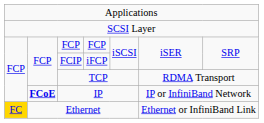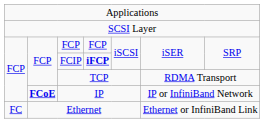 <table class="wikitable" style="text-align:center">
 <tr>
 <td colspan="7">Applications</td>
 </tr>
 <tr>
 <td colspan="7"><a href='#'>SCSI</a> Layer</td>
 </tr>
 <tr>
 <td rowspan="4"><a href='#'>FCP</a></td>
 <td rowspan="3"><a href='#'>FCP</a></td>
 <td><a href='#'>FCP</a></td>
 <td><a href='#'>FCP</a></td>
 <td rowspan="2"><a href='#'>iSCSI</a></td>
 <td rowspan="2"><a href='#'>iSER</a></td>
 <td rowspan="2"><a href='#'>SRP</a></td>
 </tr>
 <tr>
 <td><a href='#'>FCIP</a></td>
-<td><a href='#'>iFCP</a></td>
+<td><strong><a href='#'>iFCP</a></strong></td>
 </tr>
 <tr>
 <td colspan="3"><a href='#'>TCP</a></td>
 <td colspan="2"><a href='#'>RDMA</a> Transport</td>
 </tr>
 <tr>
 <td><strong><a href='#'>FCoE</a></strong></td>
 <td colspan="3"><a href='#'>IP</a></td>
 <td colspan="2"><a href='#'>IP</a> or <a href='#'>InfiniBand</a> Network</td>
 </tr>
 <tr>
-<td style="background: gold;"><a href='#'>FC</a></td>
+<td><a href='#'>FC</a></td>
 <td colspan="4"><a href='#'>Ethernet</a></td>
 <td colspan="2"><a href='#'>Ethernet</a> or InfiniBand Link</td>
 </tr>
 </table>
